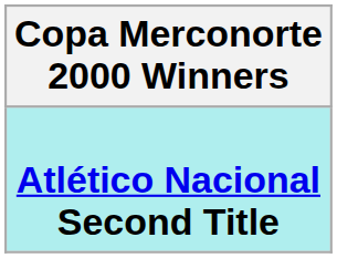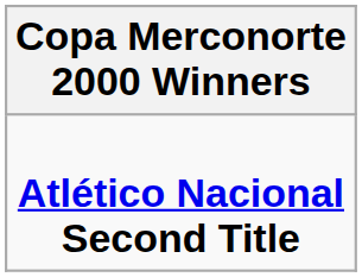 <table class="wikitable" style="text-align: center; margin: 0 auto;">
 <tr>
 <th>Copa Merconorte <br>2000 Winners</th>
 </tr>
 <tr>
-<td style="background: paleturquoise;"><br><strong><a href='#'>Atlético Nacional</a></strong><br><strong>Second Title</strong></td>
+<td><br><strong><a href='#'>Atlético Nacional</a></strong><br><strong>Second Title</strong></td>
 </tr>
 </table>
